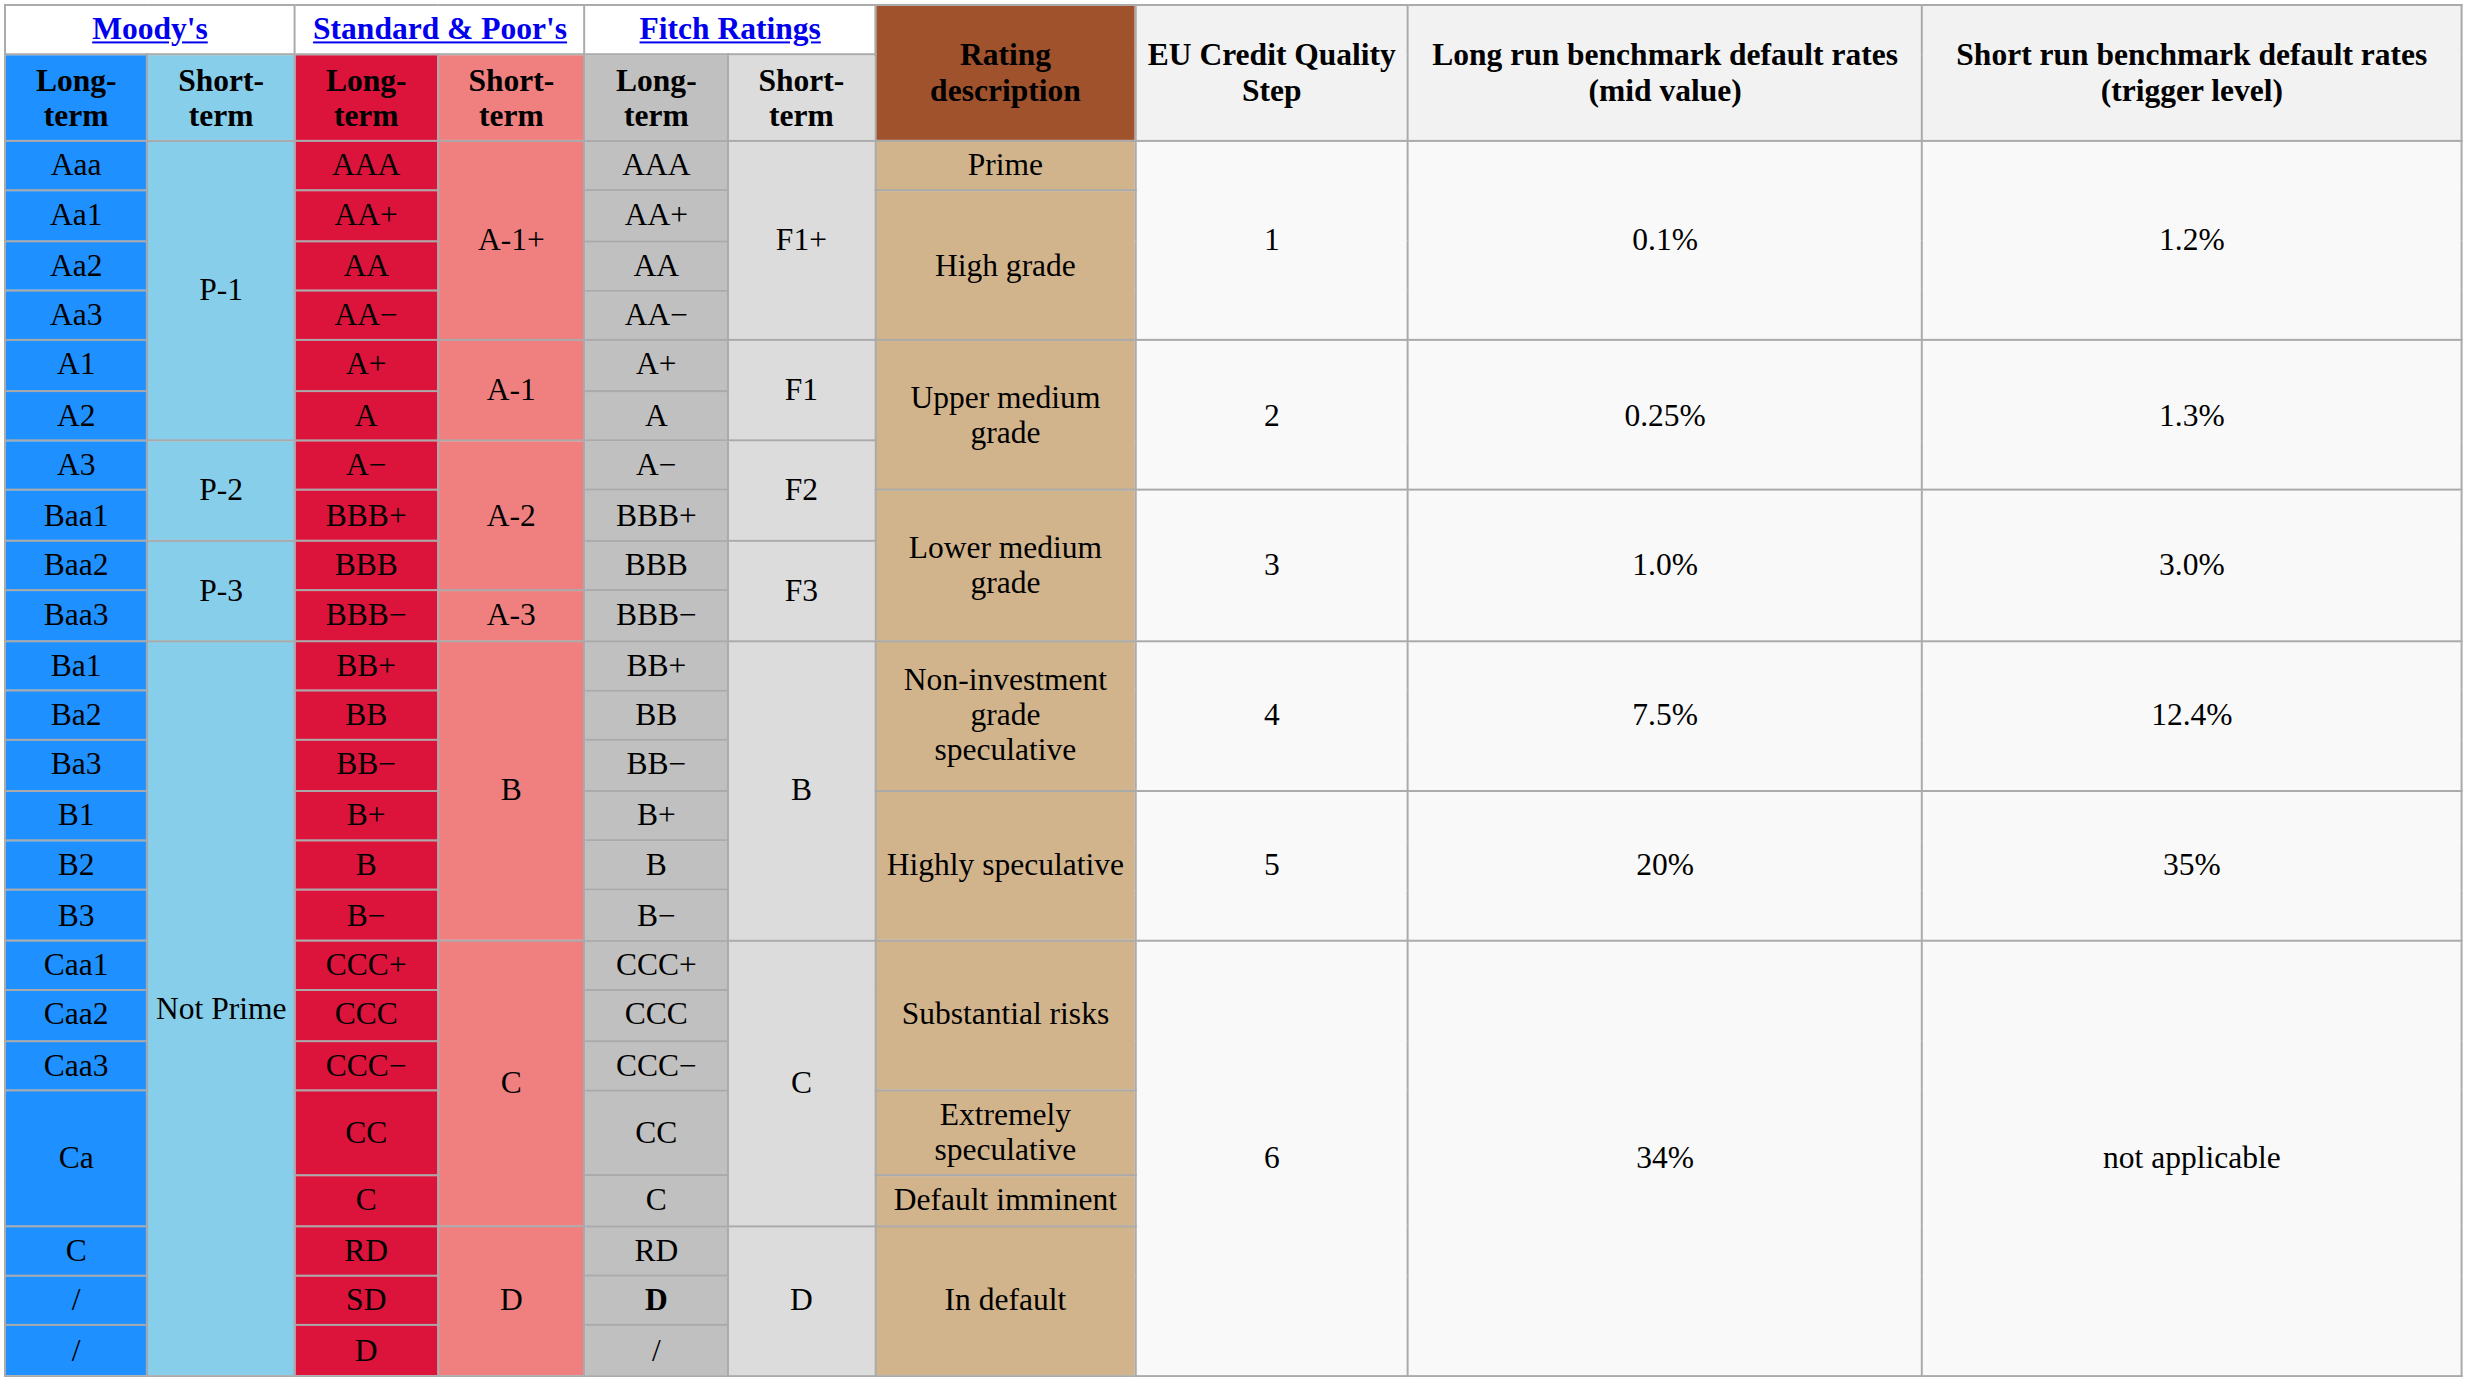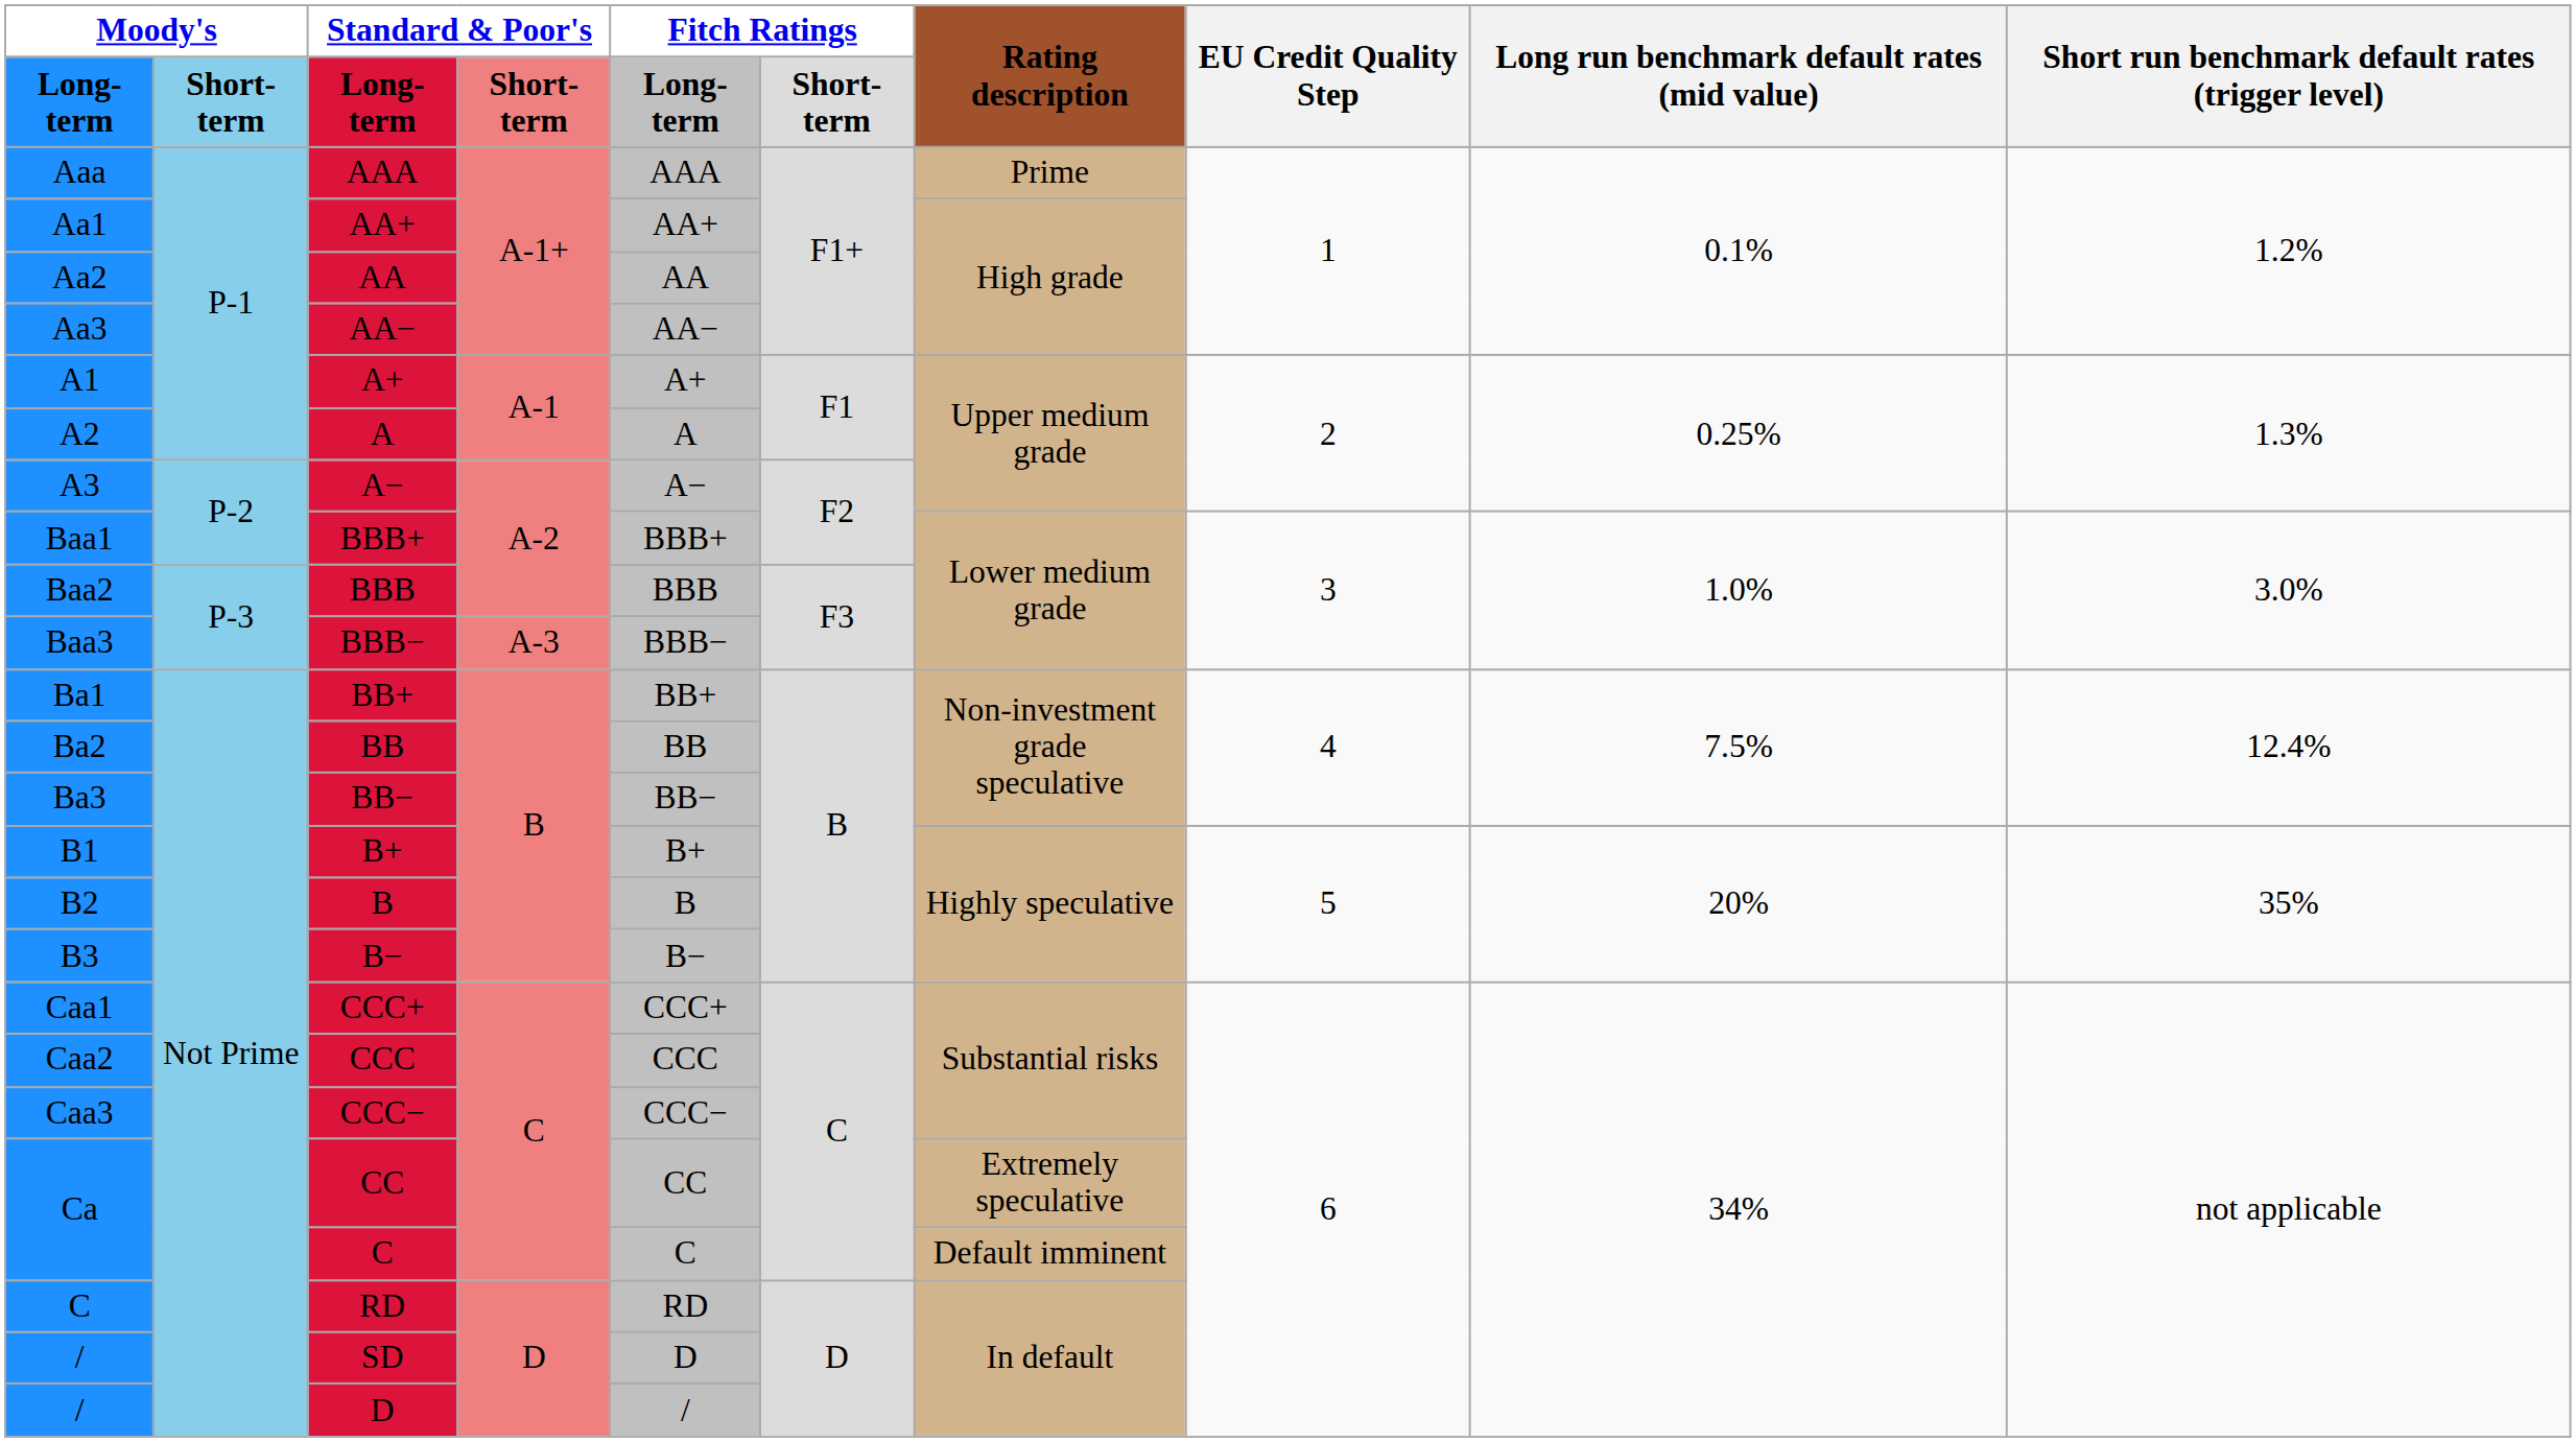 <table class="wikitable static-row-numbers static-row-header-text" style="text-align:center;">
 <tr>
 <th colspan="2" style="background:White"><a href='#'>Moody's</a></th>
 <th colspan="2" style="background:White"><a href='#'>Standard & Poor's</a></th>
 <th colspan="2" style="background:White"><a href='#'>Fitch Ratings</a></th>
 <th rowspan="2" style="background:Sienna">Rating description</th>
 <th rowspan="2">EU Credit Quality Step</th>
 <th rowspan="2">Long run benchmark default rates (mid value)</th>
 <th rowspan="2">Short run benchmark default rates (trigger level)</th>
 </tr>
 <tr style="font-weight:bold">
 <td style="background:DodgerBlue">Long-term</td>
 <td style="background:SkyBlue">Short-term</td>
 <td style="background:Crimson">Long-term</td>
 <td style="background:LightCoral">Short-term</td>
 <td style="background:Silver">Long-term</td>
 <td style="background:Gainsboro">Short-term</td>
 </tr>
 <tr>
 <td style="background:DodgerBlue">Aaa</td>
 <td rowspan="6" style="background:SkyBlue" !>P-1</td>
 <td style="background:Crimson">AAA</td>
 <td rowspan="4" style="background:LightCoral" !>A-1+</td>
 <td style="background:Silver">AAA</td>
 <td rowspan="4" style="background:Gainsboro" !>F1+</td>
 <td style="background:Tan">Prime</td>
 <td rowspan="4">1</td>
 <td rowspan="4">0.1%</td>
 <td rowspan="4">1.2%</td>
 </tr>
 <tr>
 <td style="background:DodgerBlue">Aa1</td>
 <td style="background:Crimson">AA+</td>
 <td style="background:Silver">AA+</td>
 <td rowspan="3" style="background:Tan" !>High grade</td>
 </tr>
 <tr>
 <td style="background:DodgerBlue">Aa2</td>
 <td style="background:Crimson">AA</td>
 <td style="background:Silver">AA</td>
 </tr>
 <tr>
 <td style="background:DodgerBlue">Aa3</td>
 <td style="background:Crimson">AA−</td>
 <td style="background:Silver">AA−</td>
 </tr>
 <tr>
 <td style="background:DodgerBlue">A1</td>
 <td style="background:Crimson">A+</td>
 <td rowspan="2" style="background:LightCoral" !>A-1</td>
 <td style="background:Silver">A+</td>
 <td rowspan="2" style="background:Gainsboro" !>F1</td>
 <td rowspan="3" style="background:Tan" !>Upper medium grade</td>
 <td rowspan="3">2</td>
 <td rowspan="3">0.25%</td>
 <td rowspan="3">1.3%</td>
 </tr>
 <tr>
 <td style="background:DodgerBlue">A2</td>
 <td style="background:Crimson">A</td>
 <td style="background:Silver">A</td>
 </tr>
 <tr>
 <td style="background:DodgerBlue">A3</td>
 <td rowspan="2" style="background:SkyBlue" !>P-2</td>
 <td style="background:Crimson">A−</td>
 <td rowspan="3" style="background:LightCoral" !>A-2</td>
 <td style="background:Silver">A−</td>
 <td rowspan="2" style="background:Gainsboro" !>F2</td>
 </tr>
 <tr>
 <td style="background:DodgerBlue">Baa1</td>
 <td style="background:Crimson">BBB+</td>
 <td style="background:Silver">BBB+</td>
 <td rowspan="3" style="background:Tan" !>Lower medium grade</td>
 <td rowspan="3">3</td>
 <td rowspan="3">1.0%</td>
 <td rowspan="3">3.0%</td>
 </tr>
 <tr>
 <td style="background:DodgerBlue">Baa2</td>
 <td rowspan="2" style="background:SkyBlue" !>P-3</td>
 <td style="background:Crimson">BBB</td>
 <td style="background:Silver">BBB</td>
 <td rowspan="2" style="background:Gainsboro" !>F3</td>
 </tr>
 <tr>
 <td style="background:DodgerBlue">Baa3</td>
 <td style="background:Crimson">BBB−</td>
 <td style="background:LightCoral">A-3</td>
 <td style="background:Silver">BBB−</td>
 </tr>
 <tr>
 <td style="background:DodgerBlue">Ba1</td>
 <td rowspan="14" style="background:SkyBlue" !>Not Prime</td>
 <td style="background:Crimson">BB+</td>
 <td rowspan="6" style="background:LightCoral" !>B</td>
 <td style="background:Silver">BB+</td>
 <td rowspan="6" style="background:Gainsboro" !>B</td>
 <td rowspan="3" style="background:Tan" !>Non-investment grade<br>speculative</td>
 <td rowspan="3">4</td>
 <td rowspan="3">7.5%</td>
 <td rowspan="3">12.4%</td>
 </tr>
 <tr>
 <td style="background:DodgerBlue">Ba2</td>
 <td style="background:Crimson">BB</td>
 <td style="background:Silver">BB</td>
 </tr>
 <tr>
 <td style="background:DodgerBlue">Ba3</td>
 <td style="background:Crimson">BB−</td>
 <td style="background:Silver">BB−</td>
 </tr>
 <tr>
 <td style="background:DodgerBlue">B1</td>
 <td style="background:Crimson">B+</td>
 <td style="background:Silver">B+</td>
 <td rowspan="3" style="background:Tan" !>Highly speculative</td>
 <td rowspan="3">5</td>
 <td rowspan="3">20%</td>
 <td rowspan="3">35%</td>
 </tr>
 <tr>
 <td style="background:DodgerBlue">B2</td>
 <td style="background:Crimson">B</td>
 <td style="background:Silver">B</td>
 </tr>
 <tr>
 <td style="background:DodgerBlue">B3</td>
 <td style="background:Crimson">B−</td>
 <td style="background:Silver">B−</td>
 </tr>
 <tr>
 <td style="background:DodgerBlue">Caa1</td>
 <td style="background:Crimson">CCC+</td>
 <td rowspan="5" style="background:LightCoral" !>C</td>
 <td style="background:Silver">CCC+</td>
 <td rowspan="5" style="background:Gainsboro" !>C</td>
 <td rowspan="3" style="background:Tan" !>Substantial risks</td>
 <td rowspan="8">6</td>
 <td rowspan="8">34%</td>
 <td rowspan="8">not applicable</td>
 </tr>
 <tr>
 <td style="background:DodgerBlue">Caa2</td>
 <td style="background:Crimson">CCC</td>
 <td style="background:Silver">CCC</td>
 </tr>
 <tr>
 <td style="background:DodgerBlue">Caa3</td>
 <td style="background:Crimson">CCC−</td>
 <td style="background:Silver">CCC−</td>
 </tr>
 <tr>
 <td rowspan="2" style="background:DodgerBlue">Ca</td>
 <td style="background:Crimson">CC</td>
 <td style="background:Silver">CC</td>
 <td style="background:Tan">Extremely speculative</td>
 </tr>
 <tr>
 <td style="background:Crimson">C</td>
 <td style="background:Silver">C</td>
 <td style="background:Tan">Default imminent</td>
 </tr>
 <tr>
 <td style="background:DodgerBlue">C</td>
 <td style="background:Crimson">RD</td>
 <td rowspan="3" style="background:LightCoral" !>D</td>
 <td style="background:Silver">RD</td>
 <td rowspan="3" style="background:Gainsboro" !>D</td>
 <td rowspan="3" style="background:Tan" !>In default</td>
 </tr>
 <tr>
 <td style="background:DodgerBlue">/</td>
 <td style="background:Crimson">SD</td>
-<td style="background:Silver"><strong>D</strong></td>
+<td style="background:Silver">D</td>
 </tr>
 <tr>
 <td style="background:DodgerBlue">/</td>
 <td style="background:Crimson">D</td>
 <td style="background:Silver">/</td>
 </tr>
 </table>
